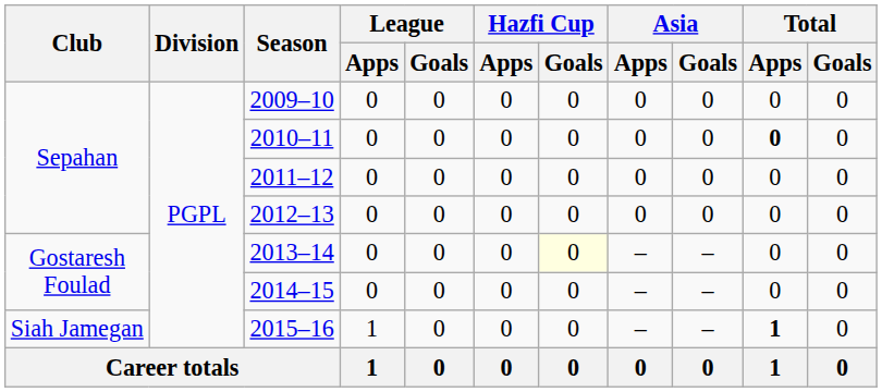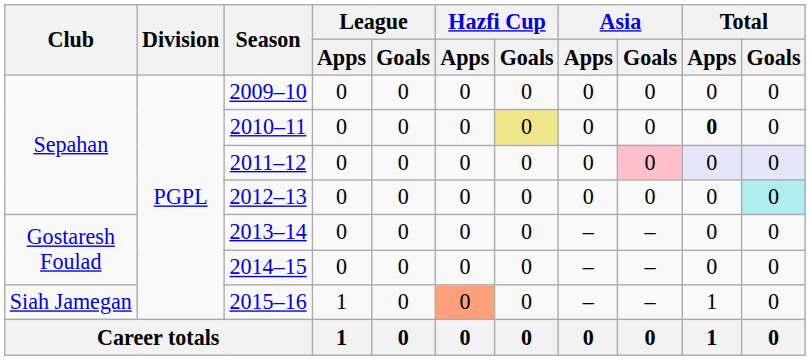 <table class="wikitable" style="text-align: center;">
 <tr>
 <th rowspan="2">Club</th>
 <th rowspan="2">Division</th>
 <th rowspan="2">Season</th>
 <th colspan="2">League</th>
 <th colspan="2"><a href='#'>Hazfi Cup</a></th>
 <th colspan="2"><a href='#'>Asia</a></th>
 <th colspan="2">Total</th>
 </tr>
 <tr>
 <th>Apps</th>
 <th>Goals</th>
 <th>Apps</th>
 <th>Goals</th>
 <th>Apps</th>
 <th>Goals</th>
 <th>Apps</th>
 <th>Goals</th>
 </tr>
 <tr>
 <td rowspan="4"><a href='#'>Sepahan</a></td>
 <td rowspan="7"><a href='#'>PGPL</a></td>
 <td><a href='#'>2009–10</a></td>
 <td>0</td>
 <td>0</td>
 <td>0</td>
 <td>0</td>
 <td>0</td>
 <td>0</td>
 <td>0</td>
 <td>0</td>
 </tr>
 <tr>
 <td><a href='#'>2010–11</a></td>
 <td>0</td>
 <td>0</td>
 <td>0</td>
-<td>0</td>
+<td style="background: khaki;">0</td>
 <td>0</td>
 <td>0</td>
 <td><strong>0</strong></td>
 <td>0</td>
 </tr>
 <tr>
 <td><a href='#'>2011–12</a></td>
 <td>0</td>
 <td>0</td>
 <td>0</td>
 <td>0</td>
 <td>0</td>
-<td>0</td>
-<td>0</td>
-<td>0</td>
+<td style="background: pink;">0</td>
+<td style="background: lavender;">0</td>
+<td style="background: lavender;">0</td>
 </tr>
 <tr>
 <td><a href='#'>2012–13</a></td>
 <td>0</td>
 <td>0</td>
 <td>0</td>
 <td>0</td>
 <td>0</td>
 <td>0</td>
 <td>0</td>
-<td>0</td>
+<td style="background: paleturquoise;">0</td>
 </tr>
 <tr>
 <td rowspan="2"><a href='#'>Gostaresh<br>Foulad</a></td>
 <td><a href='#'>2013–14</a></td>
 <td>0</td>
 <td>0</td>
 <td>0</td>
-<td style="background: lightyellow;">0</td>
+<td>0</td>
 <td>–</td>
 <td>–</td>
 <td>0</td>
 <td>0</td>
 </tr>
 <tr>
 <td><a href='#'>2014–15</a></td>
 <td>0</td>
 <td>0</td>
 <td>0</td>
 <td>0</td>
 <td>–</td>
 <td>–</td>
 <td>0</td>
 <td>0</td>
 </tr>
 <tr>
 <td><a href='#'>Siah Jamegan</a></td>
 <td><a href='#'>2015–16</a></td>
 <td>1</td>
 <td>0</td>
-<td>0</td>
+<td style="background: lightsalmon;">0</td>
 <td>0</td>
 <td>–</td>
 <td>–</td>
-<td><strong>1</strong></td>
+<td>1</td>
 <td>0</td>
 </tr>
 <tr>
 <th colspan=3>Career totals</th>
 <th>1</th>
 <th>0</th>
 <th>0</th>
 <th>0</th>
 <th>0</th>
 <th>0</th>
 <th>1</th>
 <th>0</th>
 </tr>
 </table>
